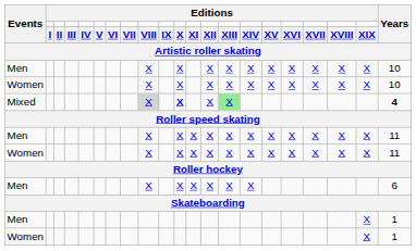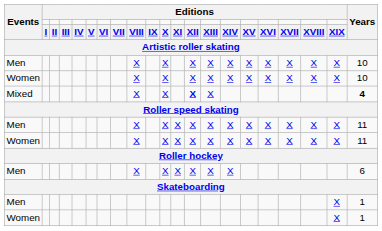 <table class="wikitable" style="border-collapse: collapse; font-size:100%; text-align:center;">
 <tr>
 <th rowspan="3">Events</th>
 <th colspan="19">Editions</th>
 <th rowspan="3">Years</th>
 </tr>
 <tr>
 <td></td>
 <td></td>
 <td></td>
 <td></td>
 <td></td>
 <td></td>
 <td></td>
 <td></td>
 <td></td>
 <td></td>
 <td></td>
 <td></td>
 <td></td>
 <td></td>
 <td></td>
 <td></td>
 <td></td>
 <td></td>
 <td></td>
 </tr>
 <tr>
 <th><a href='#'>I</a></th>
 <th><a href='#'>II</a></th>
 <th><a href='#'>III</a></th>
 <th><a href='#'>IV</a></th>
 <th><a href='#'>V</a></th>
 <th><a href='#'>VI</a></th>
 <th><a href='#'>VII</a></th>
 <th><a href='#'>VIII</a></th>
 <th><a href='#'>IX</a></th>
 <th><a href='#'>X</a></th>
 <th><a href='#'>XI</a></th>
 <th><a href='#'>XII</a></th>
 <th><a href='#'>XIII</a></th>
 <th><a href='#'>XIV</a></th>
 <th><a href='#'>XV</a></th>
 <th><a href='#'>XVI</a></th>
 <th><a href='#'>XVII</a></th>
 <th><a href='#'>XVIII</a></th>
 <th><a href='#'>XIX</a></th>
 </tr>
 <tr>
 <th colspan="31"><a href='#'>Artistic roller skating</a></th>
 </tr>
 <tr>
 <td align=left>Men</td>
 <td></td>
 <td></td>
 <td></td>
 <td></td>
 <td></td>
 <td></td>
 <td></td>
 <td align=center><a href='#'>X</a></td>
 <td></td>
 <td align=center><a href='#'>X</a></td>
 <td></td>
 <td align=center><a href='#'>X</a></td>
 <td align=center><a href='#'>X</a></td>
 <td align=center><a href='#'>X</a></td>
 <td align=center><a href='#'>X</a></td>
 <td align=center><a href='#'>X</a></td>
 <td align=center><a href='#'>X</a></td>
 <td align=center><a href='#'>X</a></td>
 <td align=center><a href='#'>X</a></td>
 <td>10</td>
 </tr>
 <tr>
 <td align=left>Women</td>
 <td></td>
 <td></td>
 <td></td>
 <td></td>
 <td></td>
 <td></td>
 <td></td>
 <td align=center><a href='#'>X</a></td>
 <td></td>
 <td align=center><a href='#'>X</a></td>
 <td></td>
 <td align=center><a href='#'>X</a></td>
 <td align=center><a href='#'>X</a></td>
 <td align=center><a href='#'>X</a></td>
 <td align=center><a href='#'>X</a></td>
 <td align=center><a href='#'>X</a></td>
 <td align=center><a href='#'>X</a></td>
 <td align=center><a href='#'>X</a></td>
 <td align=center><a href='#'>X</a></td>
 <td>10</td>
 </tr>
 <tr>
 <td align=left>Mixed</td>
 <td></td>
 <td></td>
 <td></td>
 <td></td>
 <td></td>
 <td></td>
 <td></td>
-<td align=center style="background: lightgrey;"><a href='#'>X</a></td>
+<td align=center><a href='#'>X</a></td>
+<td></td>
+<td align=center><a href='#'>X</a></td>
 <td></td>
 <td align=center><strong><a href='#'>X</a></strong></td>
-<td></td>
 <td align=center><a href='#'>X</a></td>
-<td align=center style="background: lightgreen;"><a href='#'>X</a></td>
 <td></td>
 <td></td>
 <td></td>
 <td></td>
 <td></td>
 <td></td>
 <td><strong>4</strong></td>
 </tr>
 <tr>
 <th colspan="31"><a href='#'>Roller speed skating</a></th>
 </tr>
 <tr>
 <td align=left>Men</td>
 <td></td>
 <td></td>
 <td></td>
 <td></td>
 <td></td>
 <td></td>
 <td></td>
 <td align=center><a href='#'>X</a></td>
 <td></td>
 <td align=center><a href='#'>X</a></td>
 <td align=center><a href='#'>X</a></td>
 <td align=center><a href='#'>X</a></td>
 <td align=center><a href='#'>X</a></td>
 <td align=center><a href='#'>X</a></td>
 <td align=center><a href='#'>X</a></td>
 <td align=center><a href='#'>X</a></td>
 <td align=center><a href='#'>X</a></td>
 <td align=center><a href='#'>X</a></td>
 <td align=center><a href='#'>X</a></td>
 <td>11</td>
 </tr>
 <tr>
 <td align=left>Women</td>
 <td></td>
 <td></td>
 <td></td>
 <td></td>
 <td></td>
 <td></td>
 <td></td>
 <td align=center><a href='#'>X</a></td>
 <td></td>
 <td align=center><a href='#'>X</a></td>
 <td align=center><a href='#'>X</a></td>
 <td align=center><a href='#'>X</a></td>
 <td align=center><a href='#'>X</a></td>
 <td align=center><a href='#'>X</a></td>
 <td align=center><a href='#'>X</a></td>
 <td align=center><a href='#'>X</a></td>
 <td align=center><a href='#'>X</a></td>
 <td align=center><a href='#'>X</a></td>
 <td align=center><a href='#'>X</a></td>
 <td>11</td>
 </tr>
 <tr>
 <th colspan="31"><a href='#'>Roller hockey</a></th>
 </tr>
 <tr>
 <td align=left>Men</td>
 <td></td>
 <td></td>
 <td></td>
 <td></td>
 <td></td>
 <td></td>
 <td></td>
 <td align=center><a href='#'>X</a></td>
 <td></td>
 <td align=center><a href='#'>X</a></td>
 <td align=center><a href='#'>X</a></td>
 <td align=center><a href='#'>X</a></td>
 <td align=center><a href='#'>X</a></td>
 <td align=center><a href='#'>X</a></td>
 <td></td>
 <td></td>
 <td></td>
 <td></td>
 <td></td>
 <td>6</td>
 </tr>
 <tr>
 <th colspan="31"><a href='#'>Skateboarding</a></th>
 </tr>
 <tr>
 <td align=left>Men</td>
 <td></td>
 <td></td>
 <td></td>
 <td></td>
 <td></td>
 <td></td>
 <td></td>
 <td></td>
 <td></td>
 <td></td>
 <td></td>
 <td></td>
 <td></td>
 <td></td>
 <td></td>
 <td></td>
 <td></td>
 <td></td>
 <td align=center><a href='#'>X</a></td>
 <td>1</td>
 </tr>
 <tr>
 <td align=left>Women</td>
 <td></td>
 <td></td>
 <td></td>
 <td></td>
 <td></td>
 <td></td>
 <td></td>
 <td></td>
 <td></td>
 <td></td>
 <td></td>
 <td></td>
 <td></td>
 <td></td>
 <td></td>
 <td></td>
 <td></td>
 <td></td>
 <td align=center><a href='#'>X</a></td>
 <td>1</td>
 </tr>
 </table>
